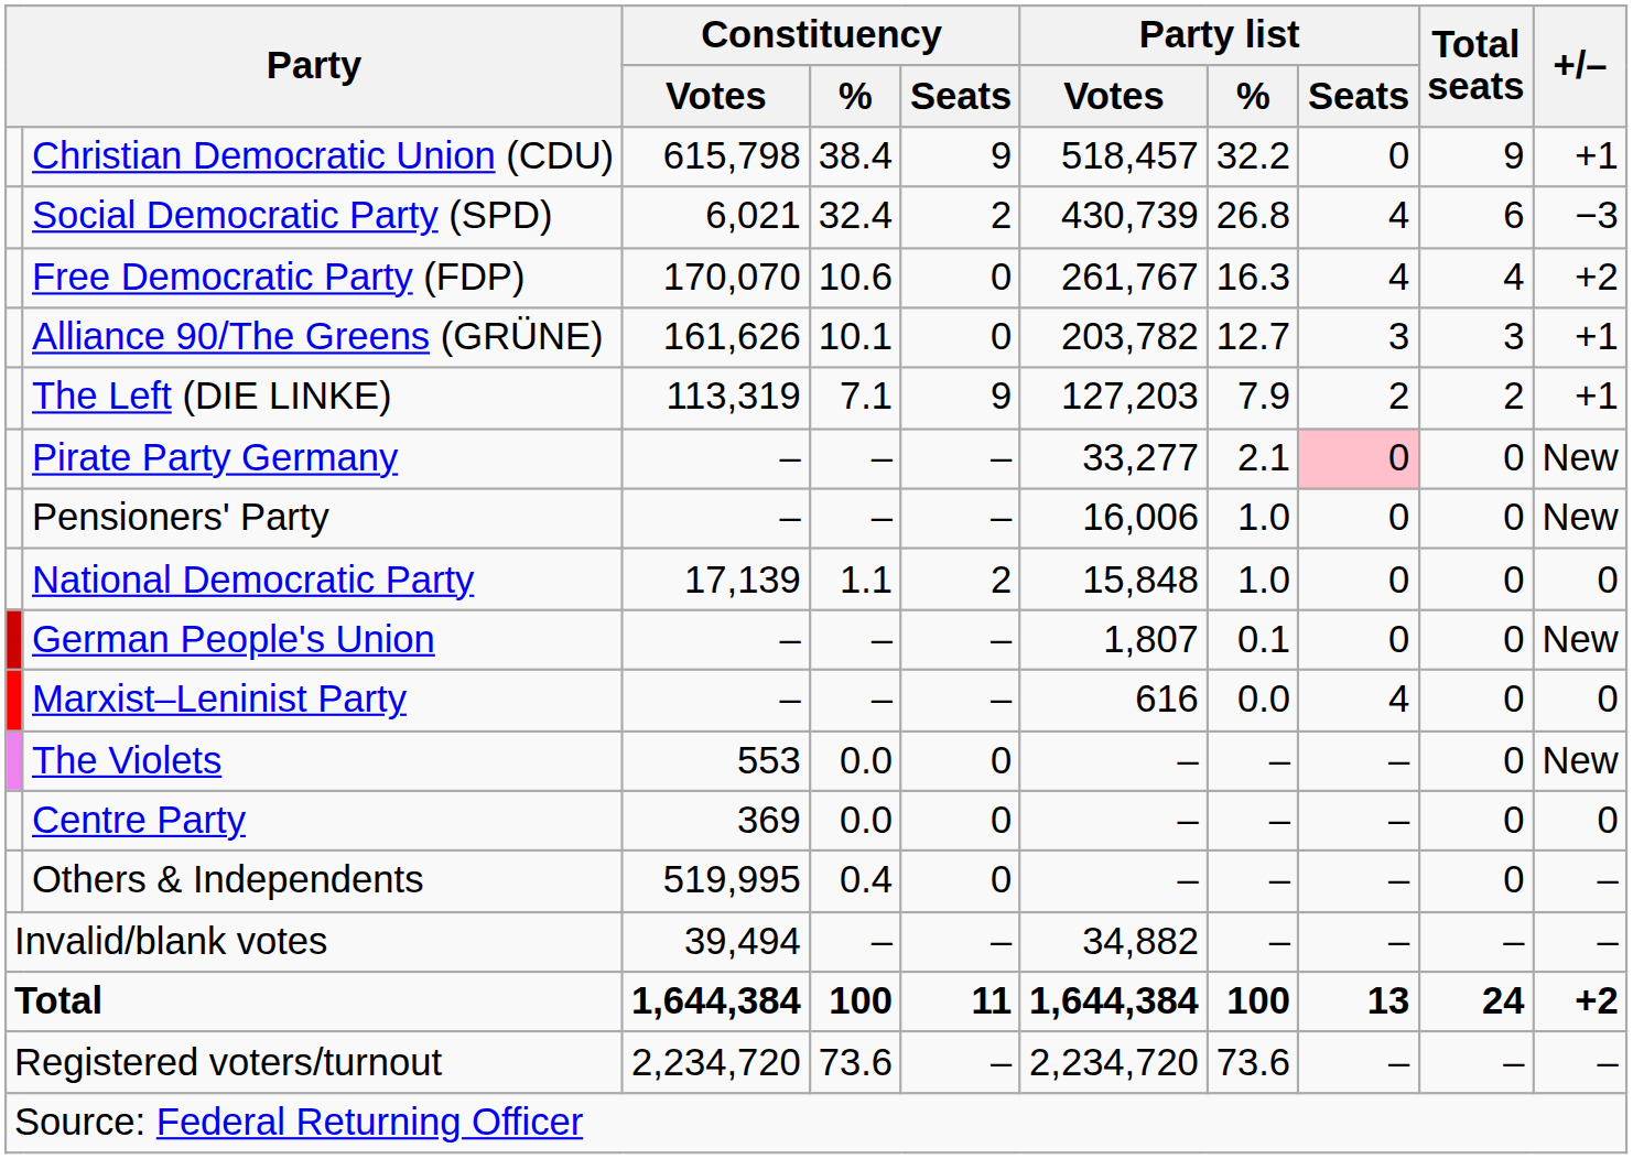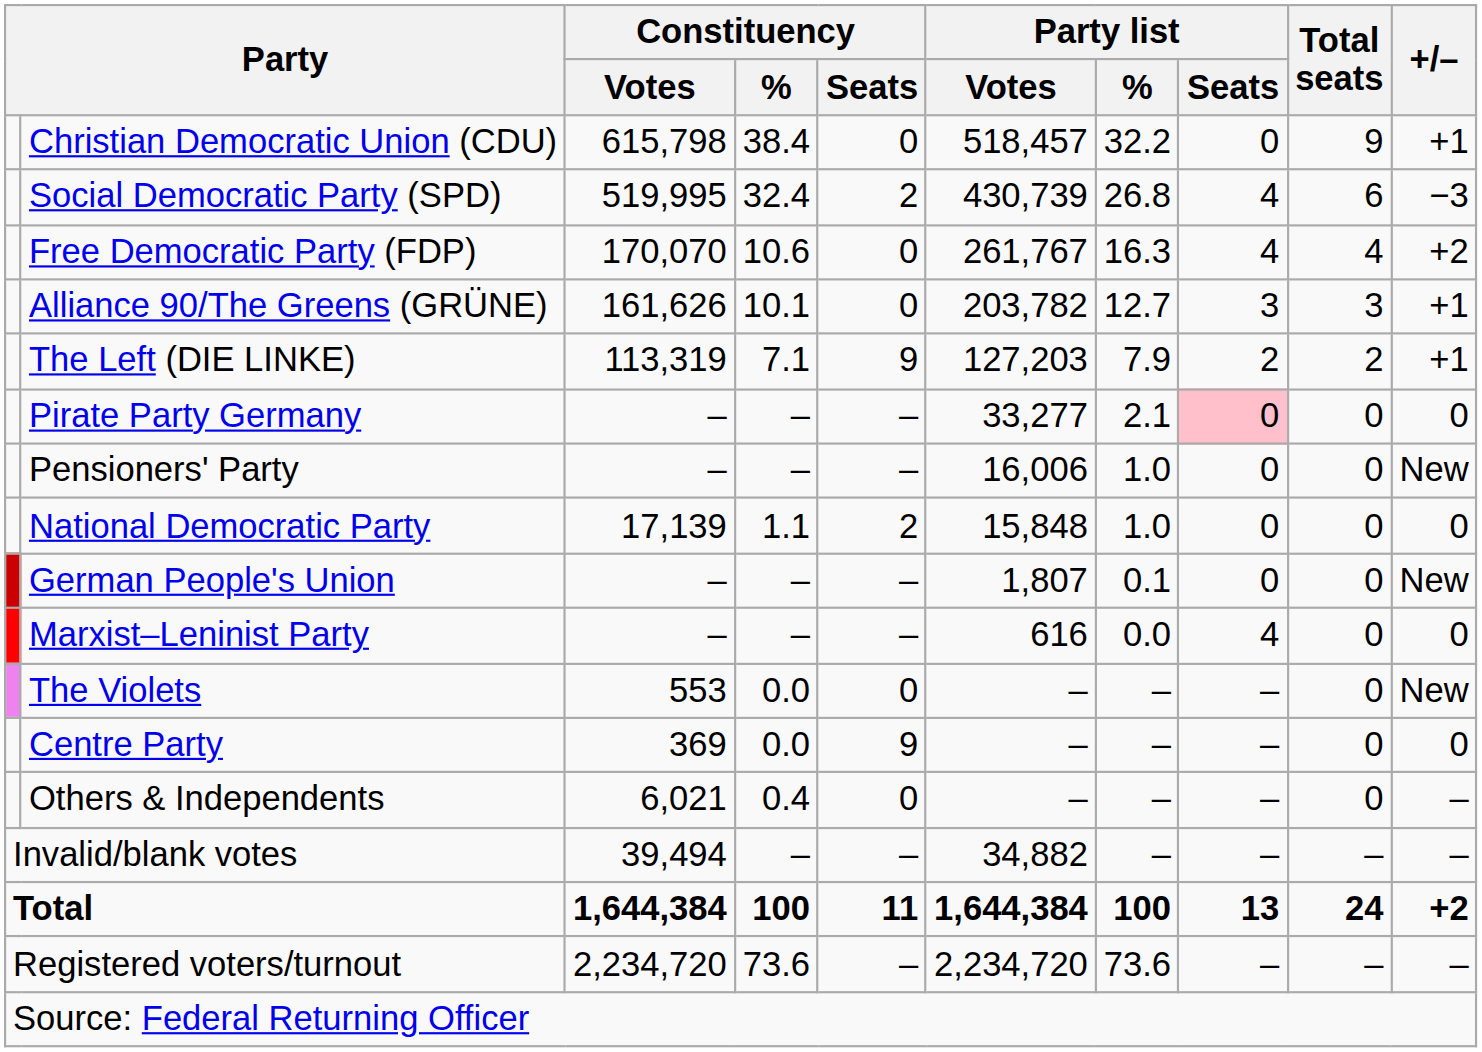 <table class="wikitable" style="text-align:right">
 <tr>
 <th colspan="2" rowspan="2">Party</th>
 <th colspan="3">Constituency</th>
 <th colspan="3">Party list</th>
 <th rowspan="2">Total<br>seats</th>
 <th rowspan="2">+/–</th>
 </tr>
 <tr>
 <th>Votes</th>
 <th>%</th>
 <th>Seats</th>
 <th>Votes</th>
 <th>%</th>
 <th>Seats</th>
 </tr>
 <tr>
 <td></td>
 <td align="left"><a href='#'>Christian Democratic Union</a> (CDU)</td>
 <td>615,798</td>
 <td>38.4</td>
-<td>9</td>
+<td>0</td>
 <td>518,457</td>
 <td>32.2</td>
 <td>0</td>
 <td>9</td>
 <td>+1</td>
 </tr>
 <tr>
 <td></td>
 <td align="left"><a href='#'>Social Democratic Party</a> (SPD)</td>
-<td>6,021</td>
+<td>519,995</td>
 <td>32.4</td>
 <td>2</td>
 <td>430,739</td>
 <td>26.8</td>
 <td>4</td>
 <td>6</td>
 <td>−3</td>
 </tr>
 <tr>
 <td></td>
 <td align="left"><a href='#'>Free Democratic Party</a> (FDP)</td>
 <td>170,070</td>
 <td>10.6</td>
 <td>0</td>
 <td>261,767</td>
 <td>16.3</td>
 <td>4</td>
 <td>4</td>
 <td>+2</td>
 </tr>
 <tr>
 <td></td>
 <td align="left"><a href='#'>Alliance 90/The Greens</a> (GRÜNE)</td>
 <td>161,626</td>
 <td>10.1</td>
 <td>0</td>
 <td>203,782</td>
 <td>12.7</td>
 <td>3</td>
 <td>3</td>
 <td>+1</td>
 </tr>
 <tr>
 <td></td>
 <td align="left"><a href='#'>The Left</a> (DIE LINKE)</td>
 <td>113,319</td>
 <td>7.1</td>
 <td>9</td>
 <td>127,203</td>
 <td>7.9</td>
 <td>2</td>
 <td>2</td>
 <td>+1</td>
 </tr>
 <tr>
 <td style="background-color:"></td>
 <td align="left"><a href='#'>Pirate Party Germany</a></td>
 <td>–</td>
 <td>–</td>
 <td>–</td>
 <td>33,277</td>
 <td>2.1</td>
 <td style="background: pink;">0</td>
 <td>0</td>
-<td>New</td>
+<td>0</td>
 </tr>
 <tr>
 <td></td>
 <td align="left">Pensioners' Party</td>
 <td>–</td>
 <td>–</td>
 <td>–</td>
 <td>16,006</td>
 <td>1.0</td>
 <td>0</td>
 <td>0</td>
 <td>New</td>
 </tr>
 <tr>
 <td style="background-color:"></td>
 <td align="left"><a href='#'>National Democratic Party</a></td>
 <td>17,139</td>
 <td>1.1</td>
 <td>2</td>
 <td>15,848</td>
 <td>1.0</td>
 <td>0</td>
 <td>0</td>
 <td>0</td>
 </tr>
 <tr>
 <td style="background-color:#CC0000"></td>
 <td align="left"><a href='#'>German People's Union</a></td>
 <td>–</td>
 <td>–</td>
 <td>–</td>
 <td>1,807</td>
 <td>0.1</td>
 <td>0</td>
 <td>0</td>
 <td>New</td>
 </tr>
 <tr>
 <td style="background-color:red"></td>
 <td align="left"><a href='#'>Marxist–Leninist Party</a></td>
 <td>–</td>
 <td>–</td>
 <td>–</td>
 <td>616</td>
 <td>0.0</td>
 <td>4</td>
 <td>0</td>
 <td>0</td>
 </tr>
 <tr>
 <td style="background-color:#EE82EE"></td>
 <td align="left"><a href='#'>The Violets</a></td>
 <td>553</td>
 <td>0.0</td>
 <td>0</td>
 <td>–</td>
 <td>–</td>
 <td>–</td>
 <td>0</td>
 <td>New</td>
 </tr>
 <tr>
 <td style="background-color:"></td>
 <td align="left"><a href='#'>Centre Party</a></td>
 <td>369</td>
 <td>0.0</td>
-<td>0</td>
+<td>9</td>
 <td>–</td>
 <td>–</td>
 <td>–</td>
 <td>0</td>
 <td>0</td>
 </tr>
 <tr>
 <td></td>
 <td align="left">Others & Independents</td>
-<td>519,995</td>
+<td>6,021</td>
 <td>0.4</td>
 <td>0</td>
 <td>–</td>
 <td>–</td>
 <td>–</td>
 <td>0</td>
 <td>–</td>
 </tr>
 <tr>
 <td colspan="2" align="left">Invalid/blank votes</td>
 <td>39,494</td>
 <td>–</td>
 <td>–</td>
 <td>34,882</td>
 <td>–</td>
 <td>–</td>
 <td>–</td>
 <td>–</td>
 </tr>
 <tr>
 <td colspan="2" align="left"><strong>Total</strong></td>
 <td><strong>1,644,384</strong></td>
 <td><strong>100</strong></td>
 <td><strong>11</strong></td>
 <td><strong>1,644,384</strong></td>
 <td><strong>100</strong></td>
 <td><strong>13</strong></td>
 <td><strong>24</strong></td>
 <td><strong>+2</strong></td>
 </tr>
 <tr>
 <td colspan="2" align="left">Registered voters/turnout</td>
 <td>2,234,720</td>
 <td>73.6</td>
 <td>–</td>
 <td>2,234,720</td>
 <td>73.6</td>
 <td>–</td>
 <td>–</td>
 <td>–</td>
 </tr>
 <tr>
 <td colspan="10" align="left">Source: <a href='#'>Federal Returning Officer</a></td>
 </tr>
 </table>
